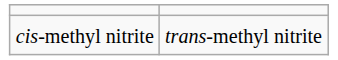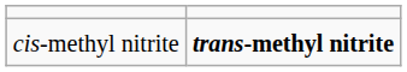 <table class="wikitable" style="margin:1em auto; text-align:center;">
 <tr>
 <td></td>
 <td></td>
 </tr>
 <tr>
 <td><small><em>cis</em>-methyl nitrite</small></td>
-<td><small><em>trans</em>-methyl nitrite</small></td>
+<td><strong><small><em>trans</em>-methyl nitrite</small></strong></td>
 </tr>
 </table>
